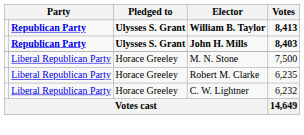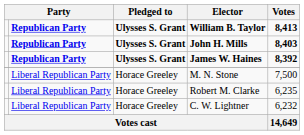 <table class="wikitable">
 <tr>
 <th colspan=2>Party</th>
 <th>Pledged to</th>
 <th>Elector</th>
 <th>Votes</th>
 </tr>
 <tr style="font-weight:bold">
 <td></td>
 <td><a href='#'>Republican Party</a></td>
 <td>Ulysses S. Grant</td>
 <td>William B. Taylor</td>
 <td align="right">8,413</td>
 </tr>
 <tr style="font-weight:bold">
 <td></td>
 <td><a href='#'>Republican Party</a></td>
 <td>Ulysses S. Grant</td>
 <td>John H. Mills</td>
 <td align="right">8,403</td>
+</tr>
+<tr style="font-weight:bold">
+<td></td>
+<td><a href='#'>Republican Party</a></td>
+<td>Ulysses S. Grant</td>
+<td>James W. Haines</td>
+<td align="right">8,392</td>
 </tr>
 <tr style="font-weight:bold">
 </tr>
 <tr>
 <td></td>
 <td><a href='#'>Liberal Republican Party</a></td>
 <td>Horace Greeley</td>
 <td>M. N. Stone</td>
 <td align="right">7,500</td>
 </tr>
 <tr>
 <td></td>
 <td><a href='#'>Liberal Republican Party</a></td>
 <td>Horace Greeley</td>
 <td>Robert M. Clarke</td>
 <td align="right">6,235</td>
 </tr>
 <tr>
 <td></td>
 <td><a href='#'>Liberal Republican Party</a></td>
 <td>Horace Greeley</td>
 <td>C. W. Lightner</td>
 <td align="right">6,232</td>
 </tr>
 <tr>
 <th colspan="4">Votes cast</th>
 <th>14,649</th>
 </tr>
 </table>
